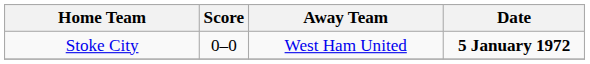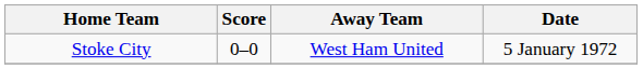 <table class="wikitable" style="text-align:center;">
 <tr>
 <th width=175>Home Team</th>
 <th width=20>Score</th>
 <th width=175>Away Team</th>
 <th width=125>Date</th>
 </tr>
 <tr>
 <td><a href='#'>Stoke City</a></td>
 <td>0–0</td>
 <td><a href='#'>West Ham United</a></td>
-<td><strong>5 January 1972</strong></td>
+<td>5 January 1972</td>
 </tr>
 <tr>
 </tr>
 </table>
